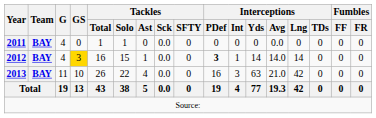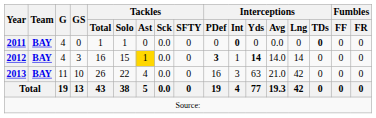 <table class="wikitable" style="text-align: center;">
 <tr>
 <th rowspan=2>Year</th>
 <th rowspan=2>Team</th>
 <th rowspan=2>G</th>
 <th rowspan=2>GS</th>
 <th colspan=5>Tackles</th>
 <th colspan=6>Interceptions</th>
 <th colspan=2>Fumbles</th>
 </tr>
 <tr>
 <th>Total</th>
 <th>Solo</th>
 <th>Ast</th>
 <th>Sck</th>
 <th>SFTY</th>
 <th>PDef</th>
 <th>Int</th>
 <th>Yds</th>
 <th>Avg</th>
 <th>Lng</th>
 <th>TDs</th>
 <th>FF</th>
 <th>FR</th>
 </tr>
 <tr>
 <th><a href='#'>2011</a></th>
 <th><a href='#'>BAY</a></th>
 <td>4</td>
 <td>0</td>
 <td>1</td>
 <td>1</td>
 <td>0</td>
 <td>0.0</td>
 <td>0</td>
 <td>0</td>
-<td>0</td>
+<td><strong>0</strong></td>
 <td>0</td>
 <td>0.0</td>
 <td>0</td>
-<td>0</td>
+<td><strong>0</strong></td>
 <td>0</td>
 <td>0</td>
 </tr>
 <tr>
 <th><a href='#'>2012</a></th>
 <th><a href='#'>BAY</a></th>
 <td>4</td>
-<td style="background: gold;">3</td>
+<td>3</td>
 <td>16</td>
 <td>15</td>
-<td>1</td>
+<td style="background: gold;">1</td>
 <td>0.0</td>
 <td>0</td>
 <td><strong>3</strong></td>
 <td>1</td>
-<td>14</td>
+<td><strong>14</strong></td>
 <td>14.0</td>
 <td>14</td>
 <td>0</td>
 <td>0</td>
 <td>0</td>
 </tr>
 <tr>
 <th><a href='#'>2013</a></th>
 <th><a href='#'>BAY</a></th>
 <td>11</td>
 <td>10</td>
 <td>26</td>
 <td>22</td>
 <td>4</td>
 <td>0.0</td>
 <td>0</td>
 <td>16</td>
 <td>3</td>
 <td>63</td>
 <td>21.0</td>
 <td>42</td>
 <td>0</td>
 <td>0</td>
 <td>0</td>
 </tr>
 <tr>
 <th colspan=2>Total</th>
 <th>19</th>
 <th>13</th>
 <th>43</th>
 <th>38</th>
 <th>5</th>
 <th>0.0</th>
 <th>0</th>
 <th>19</th>
 <th>4</th>
 <th>77</th>
 <th>19.3</th>
 <th>42</th>
 <th>0</th>
 <th>0</th>
 <th>0</th>
 </tr>
 <tr>
 <td colspan="17"><small>Source:  </small></td>
 </tr>
 </table>
